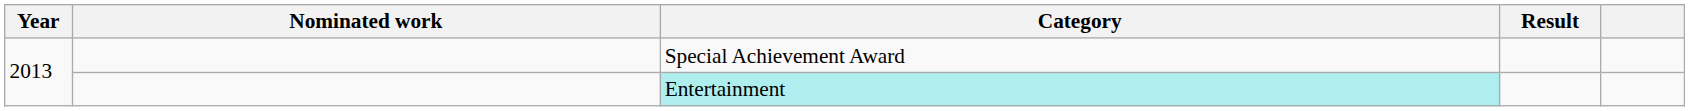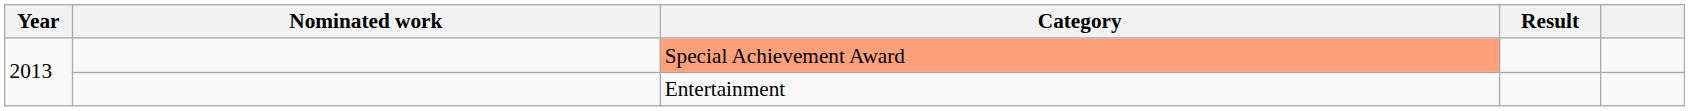 <table class="wikitable" style="width:100%;">
 <tr>
 <th scope="col" style="width:4%;">Year</th>
 <th scope="col" style="width:35%;">Nominated work</th>
 <th scope="col" style="width:50%;">Category</th>
 <th scope="col" style="width:6%;">Result</th>
 <th scope="col" style="width:5%;"></th>
 </tr>
 <tr>
 <td rowspan="2">2013</td>
 <td></td>
-<td>Special Achievement Award</td>
+<td style="background: lightsalmon;">Special Achievement Award</td>
 <td></td>
 <td style="text-align:center;"></td>
 </tr>
 <tr>
 <td></td>
-<td style="background: paleturquoise;">Entertainment</td>
+<td>Entertainment</td>
 <td></td>
 <td style="text-align:center;"></td>
 </tr>
 </table>
